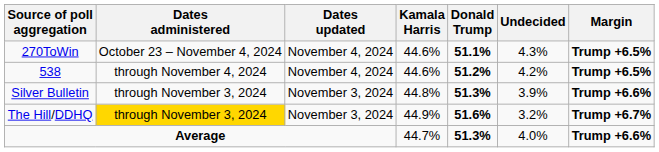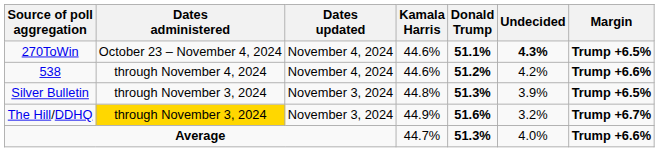 <table class="wikitable sortable" style="text-align:center;font-size:90%;line-height:17px">
 <tr>
 <th>Source of poll<br>aggregation</th>
 <th>Dates<br>administered</th>
 <th>Dates<br>updated</th>
 <th class="unsortable">Kamala<br>Harris<br><small></small></th>
 <th class="unsortable">Donald<br>Trump<br><small></small></th>
 <th>Undecided<br></th>
 <th>Margin</th>
 </tr>
 <tr>
 <td><a href='#'>270ToWin</a></td>
 <td>October 23 – November 4, 2024</td>
 <td>November 4, 2024</td>
 <td>44.6%</td>
 <td style="background-color:"><strong>51.1%</strong></td>
-<td>4.3%</td>
+<td><strong>4.3%</strong></td>
 <td style="background-color:"><strong>Trump +6.5%</strong></td>
 </tr>
 <tr>
 <td><a href='#'>538</a></td>
 <td>through November 4, 2024</td>
 <td>November 4, 2024</td>
 <td>44.6%</td>
 <td style="background-color:"><strong>51.2%</strong></td>
 <td>4.2%</td>
-<td style="background-color:"><strong>Trump +6.5%</strong></td>
+<td style="background-color:"><strong>Trump +6.6%</strong></td>
 </tr>
 <tr>
 <td><a href='#'>Silver Bulletin</a></td>
 <td>through November 3, 2024</td>
 <td>November 3, 2024</td>
 <td>44.8%</td>
 <td style="background-color:"><strong>51.3%</strong></td>
 <td>3.9%</td>
-<td style="background-color:"><strong>Trump +6.6%</strong></td>
+<td style="background-color:"><strong>Trump +6.5%</strong></td>
 </tr>
 <tr>
 <td><a href='#'>The Hill</a>/<a href='#'>DDHQ</a></td>
 <td style="background: gold;">through November 3, 2024</td>
 <td>November 3, 2024</td>
 <td>44.9%</td>
 <td style="background-color:"><strong>51.6%</strong></td>
 <td>3.2%</td>
 <td style="background-color:"><strong>Trump +6.7%</strong></td>
 </tr>
 <tr>
 <td colspan="3"><strong>Average</strong></td>
 <td>44.7%</td>
 <td style="background-color:"><strong>51.3%</strong></td>
 <td>4.0%</td>
 <td style="background-color:"><strong>Trump +6.6%</strong></td>
 </tr>
 </table>
